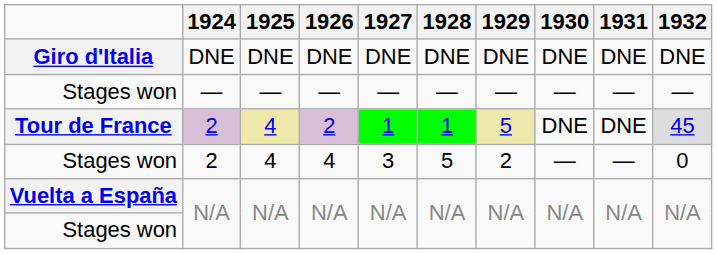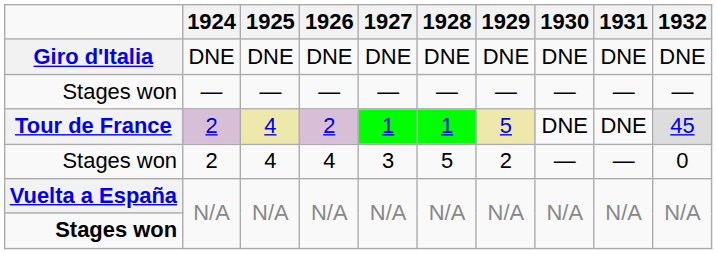 <table class="wikitable">
 <tr>
 <td></td>
 <th scope="col">1924</th>
 <th scope="col">1925</th>
 <th scope="col">1926</th>
 <th scope="col">1927</th>
 <th scope="col">1928</th>
 <th scope="col">1929</th>
 <th scope="col">1930</th>
 <th scope="col">1931</th>
 <th scope="col">1932</th>
 </tr>
 <tr>
 <th><a href='#'>Giro d'Italia</a></th>
 <td align="center">DNE</td>
 <td align="center">DNE</td>
 <td align="center">DNE</td>
 <td align="center">DNE</td>
 <td align="center">DNE</td>
 <td align="center">DNE</td>
 <td align="center">DNE</td>
 <td align="center">DNE</td>
 <td align="center">DNE</td>
 </tr>
 <tr>
 <td align="right">Stages won</td>
 <td align="center">—</td>
 <td align="center">—</td>
 <td align="center">—</td>
 <td align="center">—</td>
 <td align="center">—</td>
 <td align="center">—</td>
 <td align="center">—</td>
 <td align="center">—</td>
 <td align="center">—</td>
 </tr>
 <tr>
 <th><a href='#'>Tour de France</a></th>
 <td align="center" style="background:#D8BFD8;"><a href='#'>2</a></td>
 <td align="center" style="background:#EEE8AA;"><a href='#'>4</a></td>
 <td align="center" style="background:#D8BFD8;"><a href='#'>2</a></td>
 <td align="center" style="background:#00ff00;"><a href='#'>1</a></td>
 <td align="center" style="background:#00ff00;"><a href='#'>1</a></td>
 <td align="center" style="background:#EEE8AA;"><a href='#'>5</a></td>
 <td align="center">DNE</td>
 <td align="center">DNE</td>
 <td align="center" style="background:#DDDDDD;"><a href='#'>45</a></td>
 </tr>
 <tr>
 <td align="right">Stages won</td>
 <td align="center">2</td>
 <td align="center">4</td>
 <td align="center">4</td>
 <td align="center">3</td>
 <td align="center">5</td>
 <td align="center">2</td>
 <td align="center">—</td>
 <td align="center">—</td>
 <td align="center">0</td>
 </tr>
 <tr>
 <th><a href='#'>Vuelta a España</a></th>
 <td rowspan=2 align="center" style="color:#888888;">N/A</td>
 <td rowspan=2 align="center" style="color:#888888;">N/A</td>
 <td rowspan=2 align="center" style="color:#888888;">N/A</td>
 <td rowspan=2 align="center" style="color:#888888;">N/A</td>
 <td rowspan=2 align="center" style="color:#888888;">N/A</td>
 <td rowspan=2 align="center" style="color:#888888;">N/A</td>
 <td rowspan=2 align="center" style="color:#888888;">N/A</td>
 <td rowspan=2 align="center" style="color:#888888;">N/A</td>
 <td rowspan=2 align="center" style="color:#888888;">N/A</td>
 </tr>
 <tr>
-<td align="right">Stages won</td>
+<td align="right"><strong>Stages won</strong></td>
 </tr>
 </table>
